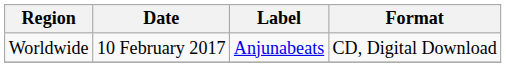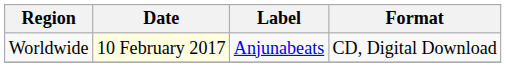 <table class=wikitable>
 <tr>
 <th>Region</th>
 <th>Date</th>
 <th>Label</th>
 <th>Format</th>
 </tr>
 <tr>
 <td>Worldwide</td>
-<td>10 February 2017</td>
+<td style="background: lightyellow;">10 February 2017</td>
 <td><a href='#'>Anjunabeats</a></td>
 <td>CD, Digital Download</td>
 </tr>
 <tr>
 </tr>
 </table>
